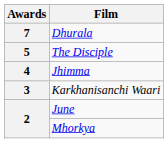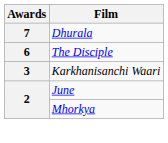 <table class="wikitable" style="display:inline-table;">
 <tr>
 <th>Awards</th>
 <th>Film</th>
 </tr>
 <tr>
 <th scope=row>7</th>
 <td><em><a href='#'>Dhurala</a></em></td>
 </tr>
 <tr>
-<th>5</th>
+<th>6</th>
 <td><em><a href='#'>The Disciple</a></em></td>
-</tr>
-<tr>
-<th>4</th>
-<td><em><a href='#'>Jhimma</a></em></td>
 </tr>
 <tr>
 <th>3</th>
 <td><em>Karkhanisanchi Waari</em></td>
 </tr>
 <tr>
 <th rowspan="2">2</th>
 <td><em><a href='#'>June</a></em></td>
 </tr>
 <tr>
 <td><em><a href='#'>Mhorkya</a></em></td>
 </tr>
 </table>
